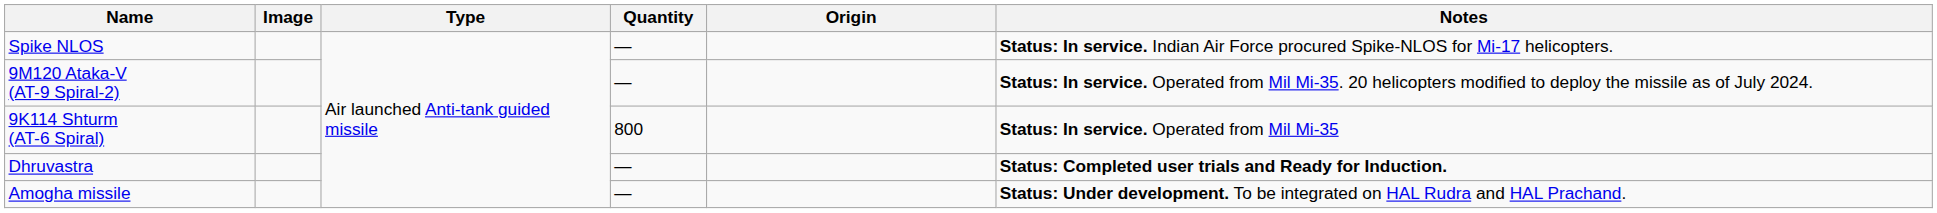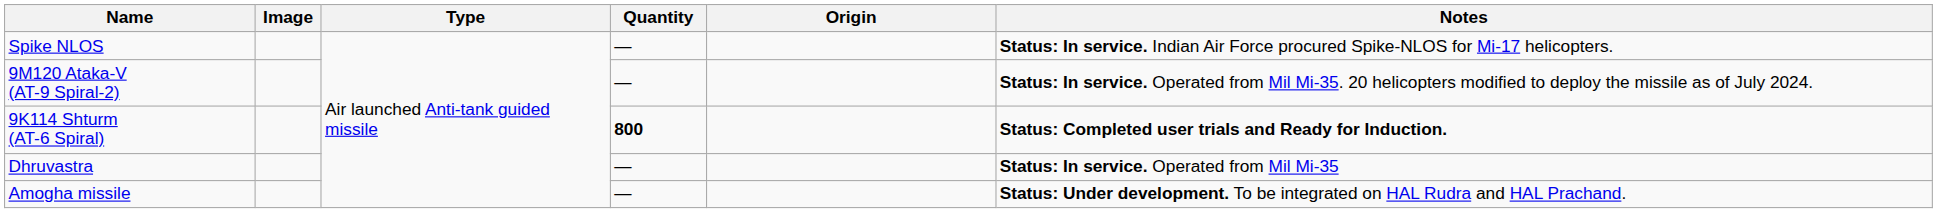 <table class="wikitable" style="width:90%;">
 <tr>
 <th style="width:13%;">Name</th>
 <th>Image</th>
 <th style="width:15%;">Type</th>
 <th style="width:5%;">Quantity</th>
 <th style="width:15%;">Origin</th>
 <th>Notes</th>
 </tr>
 <tr>
 <td><a href='#'>Spike NLOS</a></td>
 <td></td>
 <td rowspan="5">Air launched <a href='#'>Anti-tank guided missile</a></td>
 <td>—</td>
 <td></td>
 <td><strong>Status: In service.</strong> Indian Air Force procured Spike-NLOS for <a href='#'>Mi-17</a> helicopters.</td>
 </tr>
 <tr>
 <td><a href='#'>9M120 Ataka-V<br>(AT-9 Spiral-2)</a></td>
 <td></td>
 <td>—</td>
 <td></td>
 <td><strong>Status: In service. </strong> Operated from <a href='#'>Mil Mi-35</a>. 20 helicopters modified to deploy the missile as of July 2024.</td>
 </tr>
 <tr>
 <td><a href='#'>9K114 Shturm<br>(AT-6 Spiral)</a></td>
 <td></td>
-<td>800</td>
+<td><strong>800</strong></td>
 <td></td>
-<td><strong>Status: In service.</strong> Operated from <a href='#'>Mil Mi-35</a></td>
+<td><strong>Status: Completed user trials and Ready for Induction.</strong></td>
 </tr>
 <tr>
 <td><a href='#'>Dhruvastra</a></td>
 <td></td>
 <td>—</td>
 <td></td>
-<td><strong>Status: Completed user trials and Ready for Induction.</strong></td>
+<td><strong>Status: In service.</strong> Operated from <a href='#'>Mil Mi-35</a></td>
 </tr>
 <tr>
 <td><a href='#'>Amogha missile</a></td>
 <td></td>
 <td>—</td>
 <td></td>
 <td><strong>Status: Under development.</strong> To be integrated on <a href='#'>HAL Rudra</a> and <a href='#'>HAL Prachand</a>.</td>
 </tr>
 </table>
